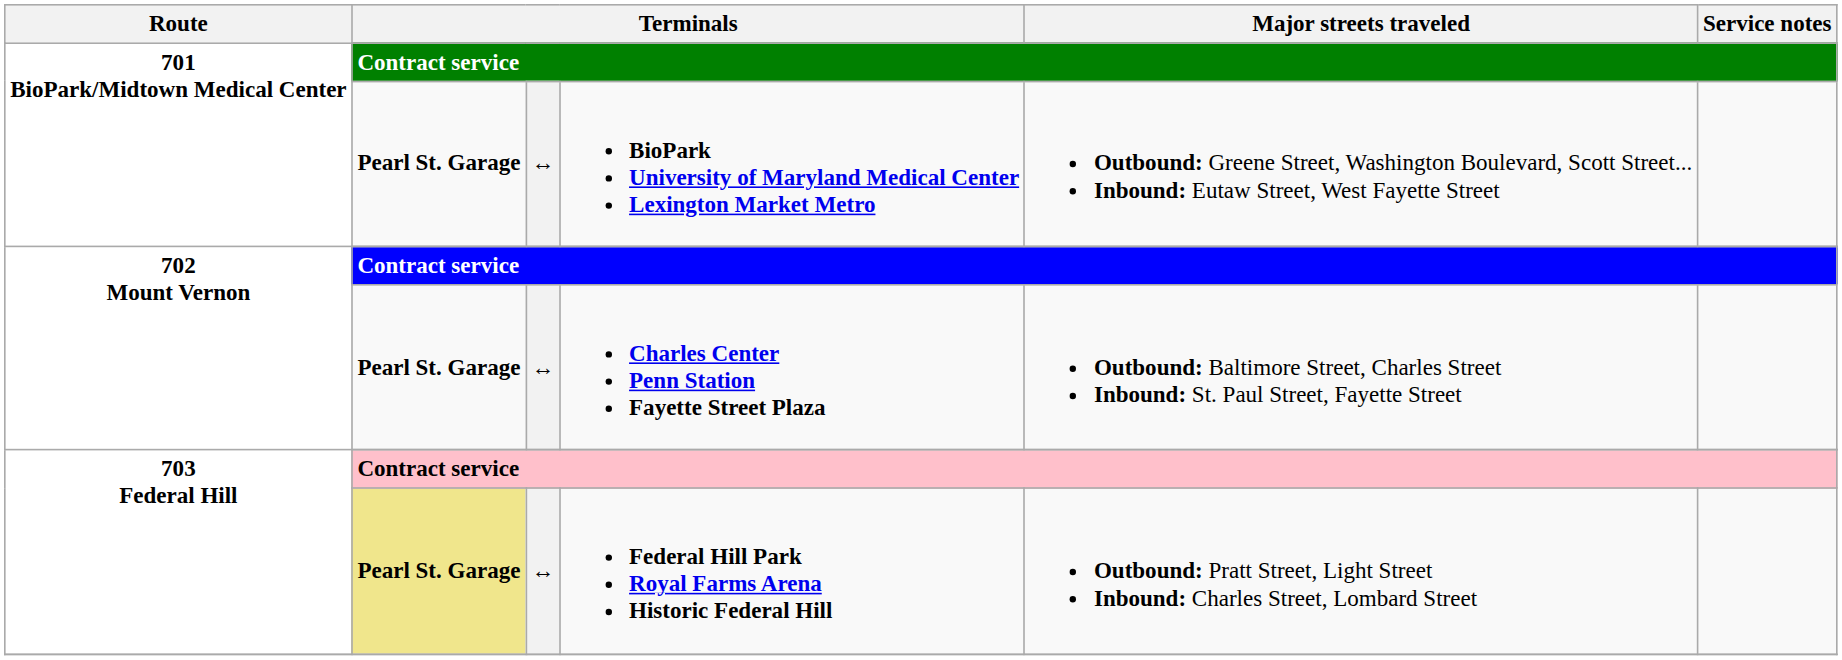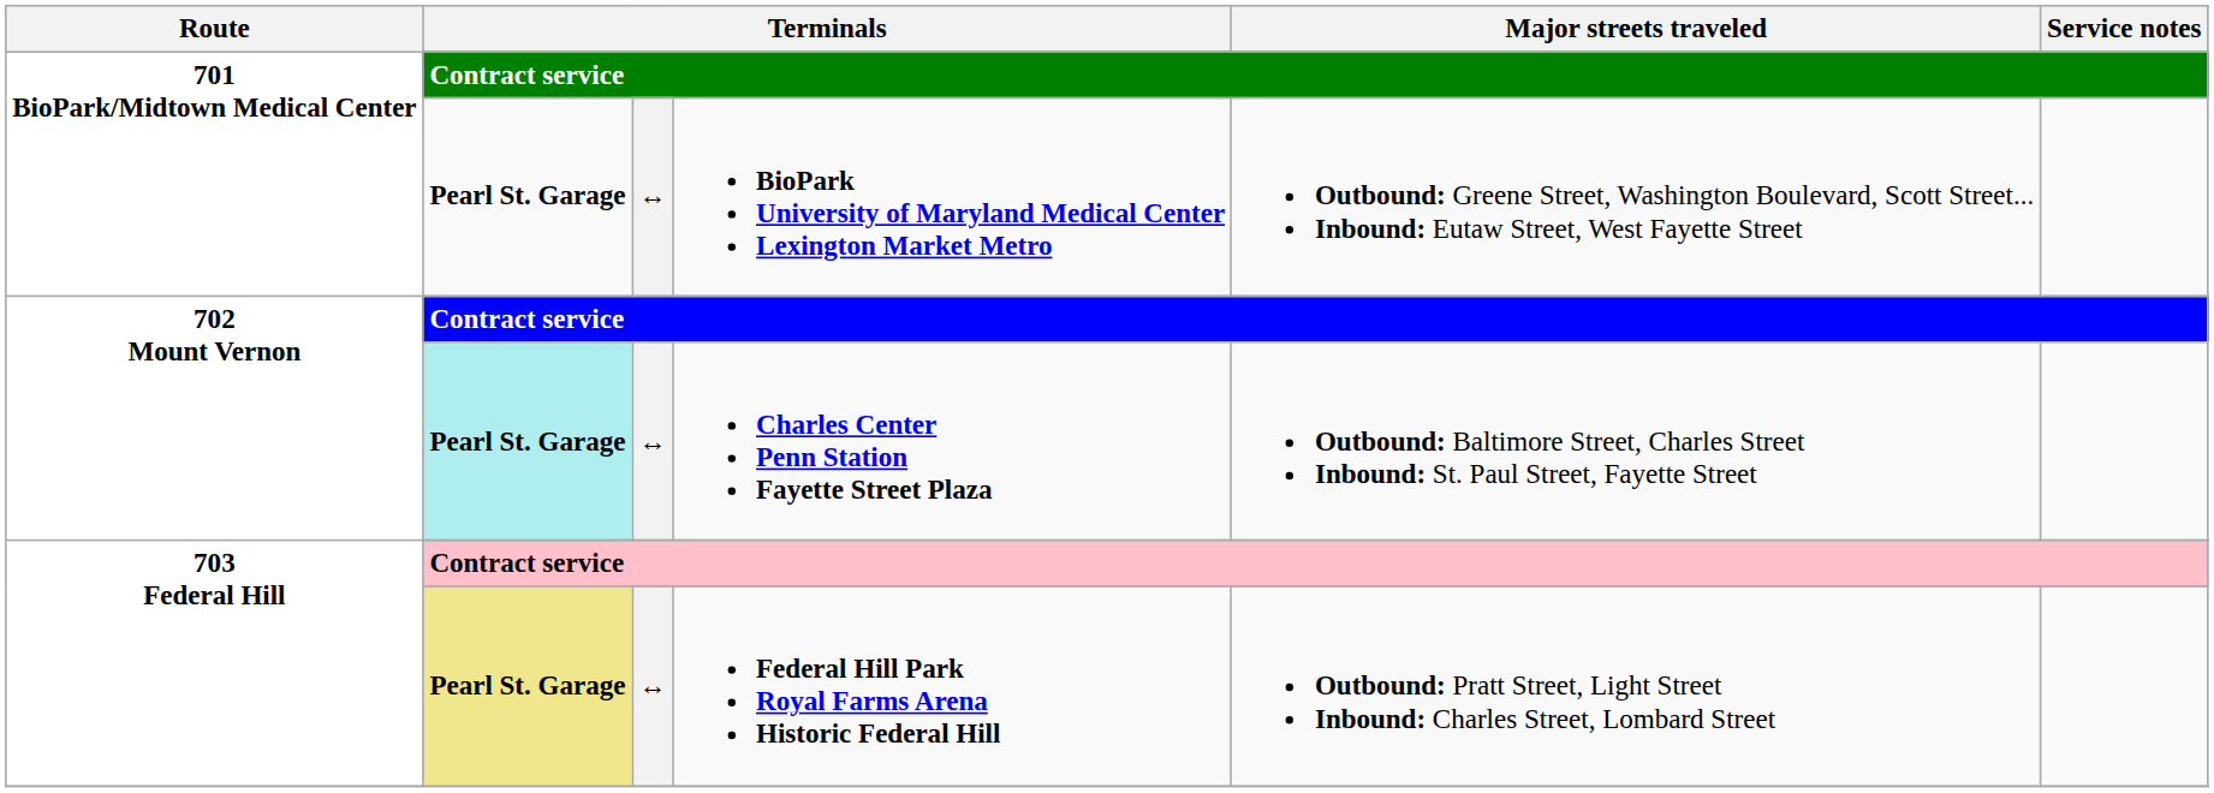 <table class="wikitable collapsible collapsed" style="font-size: 90%;" |>
 <tr>
 <th>Route</th>
 <th colspan=3>Terminals</th>
 <th>Major streets traveled</th>
 <th>Service notes</th>
 </tr>
 <tr>
 <td rowspan=3 style="background:white; color:black" align="center" valign=top><div><strong>701 <br>BioPark/Midtown Medical Center</strong></div><br></td>
 </tr>
 <tr>
 <td colspan=5 style="background:green; color:white" align="left"><strong>Contract service</strong></td>
 </tr>
 <tr>
 <td><strong>Pearl St. Garage</strong></td>
 <th><span>↔</span></th>
 <td><br><ul><li><strong>BioPark</strong></li><li><strong><a href='#'>University of Maryland Medical Center</a></strong></li><li><strong><a href='#'>Lexington Market Metro</a></strong></li></ul></td>
 <td><br><ul><li><strong>Outbound:</strong> Greene Street, Washington Boulevard, Scott Street...</li><li><strong>Inbound:</strong> Eutaw Street, West Fayette Street</li></ul></td>
 <td></td>
 </tr>
 <tr>
 <td rowspan=3 style="background:white; color:black" align="center" valign=top><div><strong>702 <br>Mount Vernon</strong></div><br></td>
 </tr>
 <tr>
 <td colspan=5 style="background:blue; color:white" align="left"><strong>Contract service</strong></td>
 </tr>
 <tr>
-<td><strong>Pearl St. Garage</strong></td>
+<td style="background: paleturquoise;"><strong>Pearl St. Garage</strong></td>
 <th><span>↔</span></th>
 <td><br><ul><li><strong><a href='#'>Charles Center</a></strong></li><li><strong><a href='#'>Penn Station</a></strong></li><li><strong>Fayette Street Plaza</strong></li></ul></td>
 <td><br><ul><li><strong>Outbound:</strong> Baltimore Street, Charles Street</li><li><strong>Inbound:</strong> St. Paul Street, Fayette Street</li></ul></td>
 <td></td>
 </tr>
 <tr>
 <td rowspan=3 style="background:white; color:black" align="center" valign=top><div><strong>703 <br>Federal Hill</strong></div><br></td>
 </tr>
 <tr>
 <td colspan=5 style="background:pink; color:black" align="left"><strong>Contract service</strong></td>
 </tr>
 <tr>
 <td style="background: khaki;"><strong>Pearl St. Garage</strong></td>
 <th><span>↔</span></th>
 <td><br><ul><li><strong>Federal Hill Park</strong></li><li><strong><a href='#'>Royal Farms Arena</a></strong></li><li><strong>Historic Federal Hill</strong></li></ul></td>
 <td><br><ul><li><strong>Outbound:</strong> Pratt Street, Light Street</li><li><strong>Inbound:</strong> Charles Street, Lombard Street</li></ul></td>
 <td></td>
 </tr>
 <tr>
 </tr>
 </table>
